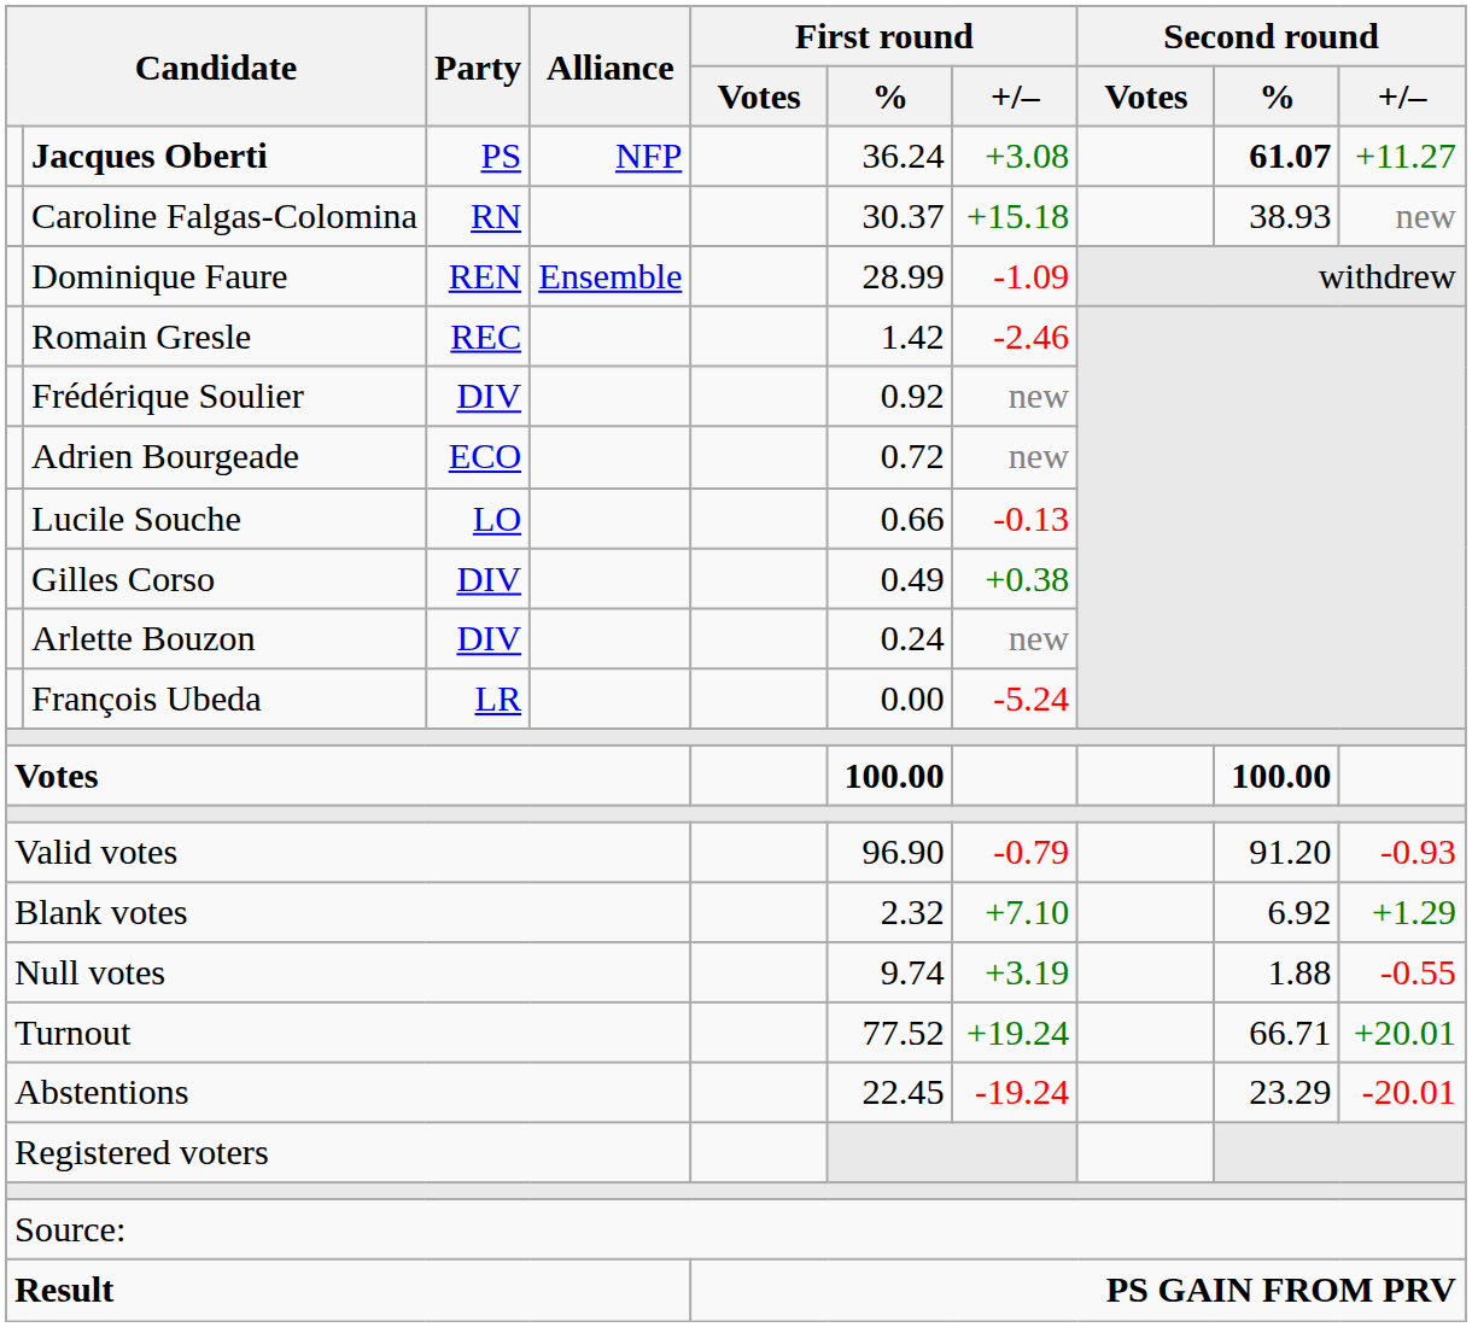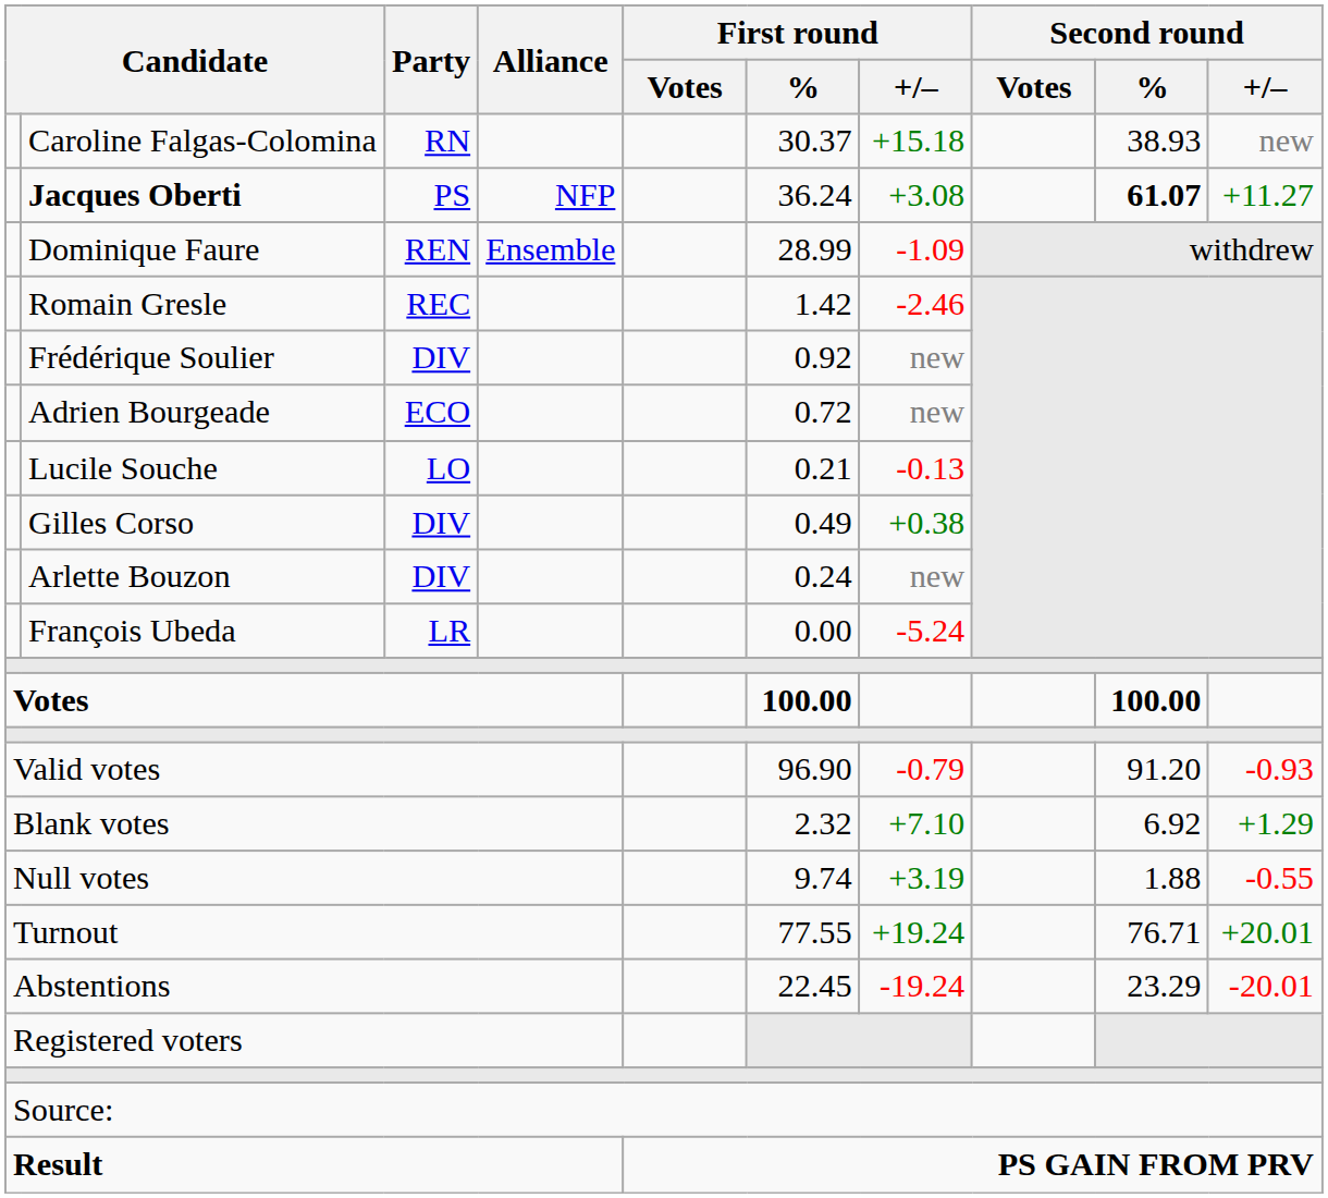 <table class="wikitable" style="text-align:right;font-size:95%;">
 <tr>
 <th rowspan="2" colspan="2">Candidate</th>
 <th colspan="1" rowspan="2">Party</th>
 <th colspan="1" rowspan="2">Alliance</th>
 <th colspan="3">First round</th>
 <th colspan="3">Second round</th>
 </tr>
 <tr>
 <th style="width:50px;">Votes</th>
 <th style="width:45px;">%</th>
 <th style="width:45px;">+/–</th>
 <th style="width:50px;">Votes</th>
 <th style="width:45px;">%</th>
 <th style="width:45px;">+/–</th>
 </tr>
 <tr>
 <td style="color:inherit;background:"></td>
+<td style="text-align:left;">Caroline Falgas-Colomina</td>
+<td><a href='#'>RN</a></td>
+<td></td>
+<td></td>
+<td>30.37</td>
+<td style="color:green;">+15.18</td>
+<td></td>
+<td>38.93</td>
+<td style="color:grey;">new</td>
+</tr>
+<tr>
+<td style="color:inherit;background:"></td>
 <td style="text-align:left;"><strong>Jacques Oberti</strong></td>
 <td><a href='#'>PS</a></td>
 <td><a href='#'>NFP</a></td>
 <td></td>
 <td>36.24</td>
 <td style="color:green;">+3.08</td>
 <td><strong></strong></td>
 <td><strong>61.07</strong></td>
 <td style="color:green;">+11.27</td>
-</tr>
-<tr>
-<td style="color:inherit;background:"></td>
-<td style="text-align:left;">Caroline Falgas-Colomina</td>
-<td><a href='#'>RN</a></td>
-<td></td>
-<td></td>
-<td>30.37</td>
-<td style="color:green;">+15.18</td>
-<td></td>
-<td>38.93</td>
-<td style="color:grey;">new</td>
 </tr>
 <tr>
 <td style="color:inherit;background:"></td>
 <td style="text-align:left;">Dominique Faure</td>
 <td><a href='#'>REN</a></td>
 <td><a href='#'>Ensemble</a></td>
 <td></td>
 <td>28.99</td>
 <td style="color:red;">-1.09</td>
 <td colspan="3" style="background:#E9E9E9;">withdrew</td>
 </tr>
 <tr>
 <td style="color:inherit;background:"></td>
 <td style="text-align:left;">Romain Gresle</td>
 <td><a href='#'>REC</a></td>
 <td></td>
 <td></td>
 <td>1.42</td>
 <td style="color:red;">-2.46</td>
 <td colspan="3" rowspan="7" style="background:#E9E9E9;"></td>
 </tr>
 <tr>
 <td style="color:inherit;background:"></td>
 <td style="text-align:left;">Frédérique Soulier</td>
 <td><a href='#'>DIV</a></td>
 <td></td>
 <td></td>
 <td>0.92</td>
 <td style="color:grey;">new</td>
 </tr>
 <tr>
 <td style="color:inherit;background:"></td>
 <td style="text-align:left;">Adrien Bourgeade</td>
 <td><a href='#'>ECO</a></td>
 <td></td>
 <td></td>
 <td>0.72</td>
 <td style="color:grey;">new</td>
 </tr>
 <tr>
 <td style="color:inherit;background:"></td>
 <td style="text-align:left;">Lucile Souche</td>
 <td><a href='#'>LO</a></td>
 <td></td>
 <td></td>
-<td>0.66</td>
+<td>0.21</td>
 <td style="color:red;">-0.13</td>
 </tr>
 <tr>
 <td style="color:inherit;background:"></td>
 <td style="text-align:left;">Gilles Corso</td>
 <td><a href='#'>DIV</a></td>
 <td></td>
 <td></td>
 <td>0.49</td>
 <td style="color:green;">+0.38</td>
 </tr>
 <tr>
 <td style="color:inherit;background:"></td>
 <td style="text-align:left;">Arlette Bouzon</td>
 <td><a href='#'>DIV</a></td>
 <td></td>
 <td></td>
 <td>0.24</td>
 <td style="color:grey;">new</td>
 </tr>
 <tr>
 <td style="color:inherit;background:"></td>
 <td style="text-align:left;">François Ubeda</td>
 <td><a href='#'>LR</a></td>
 <td></td>
 <td></td>
 <td>0.00</td>
 <td style="color:red;">-5.24</td>
 </tr>
 <tr>
 <td colspan="10" style="background:#E9E9E9;"></td>
 </tr>
 <tr style="font-weight:bold;">
 <td colspan="4" style="text-align:left;">Votes</td>
 <td></td>
 <td>100.00</td>
 <td></td>
 <td></td>
 <td>100.00</td>
 <td></td>
 </tr>
 <tr>
 <td colspan="10" style="background:#E9E9E9;"></td>
 </tr>
 <tr>
 <td colspan="4" style="text-align:left;">Valid votes</td>
 <td></td>
 <td>96.90</td>
 <td style="color:red;">-0.79</td>
 <td></td>
 <td>91.20</td>
 <td style="color:red;">-0.93</td>
 </tr>
 <tr>
 <td colspan="4" style="text-align:left;">Blank votes</td>
 <td></td>
 <td>2.32</td>
 <td style="color:green;">+7.10</td>
 <td></td>
 <td>6.92</td>
 <td style="color:green;">+1.29</td>
 </tr>
 <tr>
 <td colspan="4" style="text-align:left;">Null votes</td>
 <td></td>
 <td>9.74</td>
 <td style="color:green;">+3.19</td>
 <td></td>
 <td>1.88</td>
 <td style="color:red;">-0.55</td>
 </tr>
 <tr>
 <td colspan="4" style="text-align:left;">Turnout</td>
 <td></td>
-<td>77.52</td>
+<td>77.55</td>
 <td style="color:green;">+19.24</td>
 <td></td>
-<td>66.71</td>
+<td>76.71</td>
 <td style="color:green;">+20.01</td>
 </tr>
 <tr>
 <td colspan="4" style="text-align:left;">Abstentions</td>
 <td></td>
 <td>22.45</td>
 <td style="color:red;">-19.24</td>
 <td></td>
 <td>23.29</td>
 <td style="color:red;">-20.01</td>
 </tr>
 <tr>
 <td colspan="4" style="text-align:left;">Registered voters</td>
 <td></td>
 <td colspan="2" style="background:#E9E9E9;"></td>
 <td></td>
 <td colspan="2" style="background:#E9E9E9;"></td>
 </tr>
 <tr>
 <td colspan="10" style="background:#E9E9E9;"></td>
 </tr>
 <tr>
 <td colspan="10" style="text-align:left;">Source: </td>
 </tr>
 <tr style="font-weight:bold">
 <td colspan="4" style="text-align:left;">Result</td>
 <td colspan="6" style="background-color:">PS GAIN FROM PRV</td>
 </tr>
 </table>
